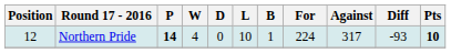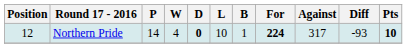 <table class="wikitable" style="text-align:center; font-size:85%;">
 <tr>
 <th width=40 abbr="Position">Position</th>
 <th width=100>Round 17 - 2016</th>
 <th width=20 abbr="Played">P</th>
 <th width=20 abbr="Won">W</th>
 <th width=20 abbr="Drawn">D</th>
 <th width=20 abbr="Lost">L</th>
 <th width=20 abbr="Bye">B</th>
 <th width=40 abbr="Points for">For</th>
 <th width=40 abbr="Points against">Against</th>
 <th width=40 abbr="Points difference">Diff</th>
 <th width=20 abbr="Points">Pts</th>
 </tr>
 <tr style="background: #d7ebed;">
 <td>12</td>
 <td style="text-align:left;"> <a href='#'>Northern Pride</a></td>
-<td><strong>14</strong></td>
+<td>14</td>
 <td>4</td>
-<td>0</td>
+<td><strong>0</strong></td>
 <td>10</td>
 <td>1</td>
-<td>224</td>
+<td><strong>224</strong></td>
 <td>317</td>
 <td>-93</td>
 <td><strong>10</strong></td>
 </tr>
 <tr>
 </tr>
 </table>
